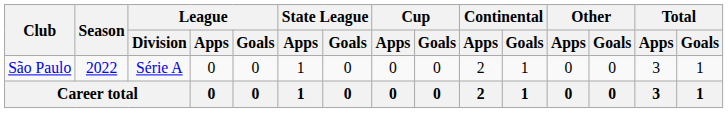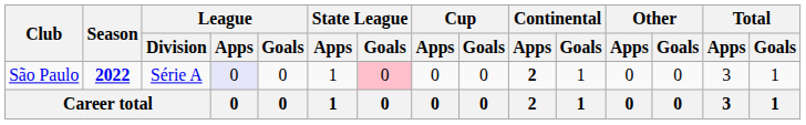 <table class="wikitable" style="text-align: center; font-size:96%">
 <tr>
 <th rowspan="2">Club</th>
 <th rowspan="2">Season</th>
 <th colspan="3">League</th>
 <th colspan="2">State League</th>
 <th colspan="2">Cup</th>
 <th colspan="2">Continental</th>
 <th colspan="2">Other</th>
 <th colspan="2">Total</th>
 </tr>
 <tr>
 <th>Division</th>
 <th>Apps</th>
 <th>Goals</th>
 <th>Apps</th>
 <th>Goals</th>
 <th>Apps</th>
 <th>Goals</th>
 <th>Apps</th>
 <th>Goals</th>
 <th>Apps</th>
 <th>Goals</th>
 <th>Apps</th>
 <th>Goals</th>
 </tr>
 <tr>
 <td><a href='#'>São Paulo</a></td>
-<td><a href='#'>2022</a></td>
+<td><strong><a href='#'>2022</a></strong></td>
 <td><a href='#'>Série A</a></td>
+<td style="background: lavender;">0</td>
+<td>0</td>
+<td>1</td>
+<td style="background: pink;">0</td>
 <td>0</td>
 <td>0</td>
-<td>1</td>
-<td>0</td>
-<td>0</td>
-<td>0</td>
-<td>2</td>
+<td><strong>2</strong></td>
 <td 2>1</td>
 <td>0</td>
 <td>0</td>
 <td>3</td>
 <td>1</td>
 </tr>
 <tr>
 <th colspan="3"><strong>Career total</strong></th>
 <th>0</th>
 <th>0</th>
 <th>1</th>
 <th>0</th>
 <th>0</th>
 <th>0</th>
 <th>2</th>
 <th>1</th>
 <th>0</th>
 <th>0</th>
 <th>3</th>
 <th>1</th>
 </tr>
 </table>
